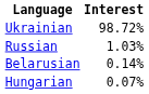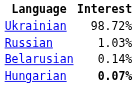 <table class="standard">
 <tr>
 <th>Language</th>
 <th>Interest</th>
 </tr>
 <tr>
 <td><a href='#'>Ukrainian</a></td>
 <td align="right">98.72%</td>
 </tr>
 <tr>
 <td><a href='#'>Russian</a></td>
 <td align="right">1.03%</td>
 </tr>
 <tr>
 <td><a href='#'>Belarusian</a></td>
 <td align="right">0.14%</td>
 </tr>
 <tr>
 <td><a href='#'>Hungarian</a></td>
-<td align="right">0.07%</td>
+<td align="right"><strong>0.07%</strong></td>
 </tr>
 </table>
